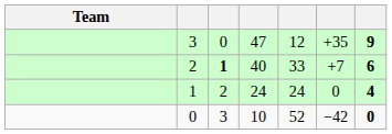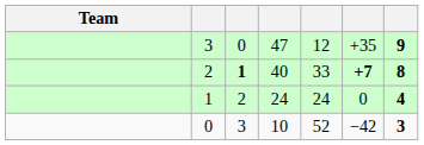 <table class="wikitable" style="text-align:center;">
 <tr>
 <th style="width:10.5em;">Team</th>
 <th style="width:1.5em;"></th>
 <th style="width:1.5em;"></th>
 <th style="width:2.0em;"></th>
 <th style="width:2.0em;"></th>
 <th style="width:2.0em;"></th>
 <th style="width:1.5em;"></th>
 </tr>
 <tr bgcolor=#cfc>
 <td align="left"></td>
 <td>3</td>
 <td>0</td>
 <td>47</td>
 <td>12</td>
 <td>+35</td>
 <td><strong>9</strong></td>
 </tr>
 <tr bgcolor=#cfc>
 <td align="left"></td>
 <td>2</td>
 <td><strong>1</strong></td>
 <td>40</td>
 <td>33</td>
-<td>+7</td>
-<td><strong>6</strong></td>
+<td><strong>+7</strong></td>
+<td><strong>8</strong></td>
 </tr>
 <tr bgcolor=#cfc>
 <td align="left"></td>
 <td>1</td>
 <td>2</td>
 <td>24</td>
 <td>24</td>
 <td>0</td>
 <td><strong>4</strong></td>
 </tr>
 <tr>
 <td align="left"></td>
 <td>0</td>
 <td>3</td>
 <td>10</td>
 <td>52</td>
 <td>−42</td>
-<td><strong>0</strong></td>
+<td><strong>3</strong></td>
 </tr>
 </table>
